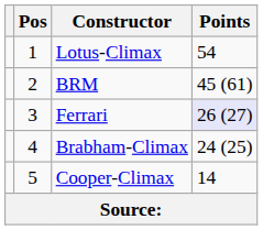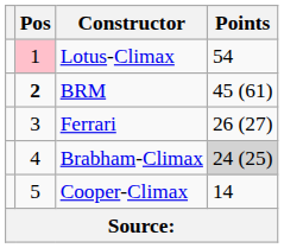 <table class="wikitable" style="font-size: 95%;">
 <tr>
 <th></th>
 <th>Pos</th>
 <th>Constructor</th>
 <th>Points</th>
 </tr>
 <tr>
 <td align="left"></td>
-<td align="center">1</td>
+<td align="center" style="background: pink;">1</td>
 <td> <a href='#'>Lotus</a>-<a href='#'>Climax</a></td>
 <td align="left">54</td>
 </tr>
 <tr>
 <td align="left"></td>
-<td align="center">2</td>
+<td align="center"><strong>2</strong></td>
 <td> <a href='#'>BRM</a></td>
 <td align="left">45 (61)</td>
 </tr>
 <tr>
 <td align="left"></td>
 <td align="center">3</td>
 <td> <a href='#'>Ferrari</a></td>
-<td align="left" style="background: lavender;">26 (27)</td>
+<td align="left">26 (27)</td>
 </tr>
 <tr>
 <td align="left"></td>
 <td align="center">4</td>
 <td> <a href='#'>Brabham</a>-<a href='#'>Climax</a></td>
-<td align="left">24 (25)</td>
+<td align="left" style="background: lightgrey;">24 (25)</td>
 </tr>
 <tr>
 <td align="left"></td>
 <td align="center">5</td>
 <td> <a href='#'>Cooper</a>-<a href='#'>Climax</a></td>
 <td align="left">14</td>
 </tr>
 <tr>
 <th colspan=4>Source:</th>
 </tr>
 </table>
